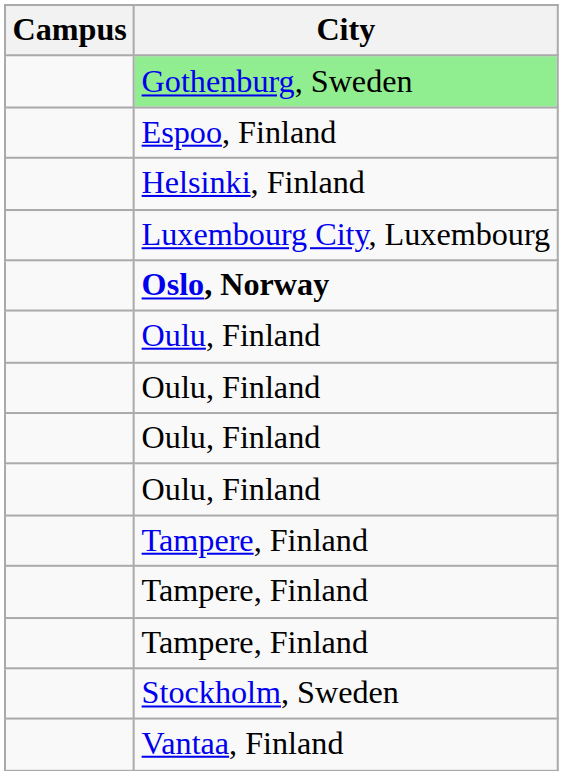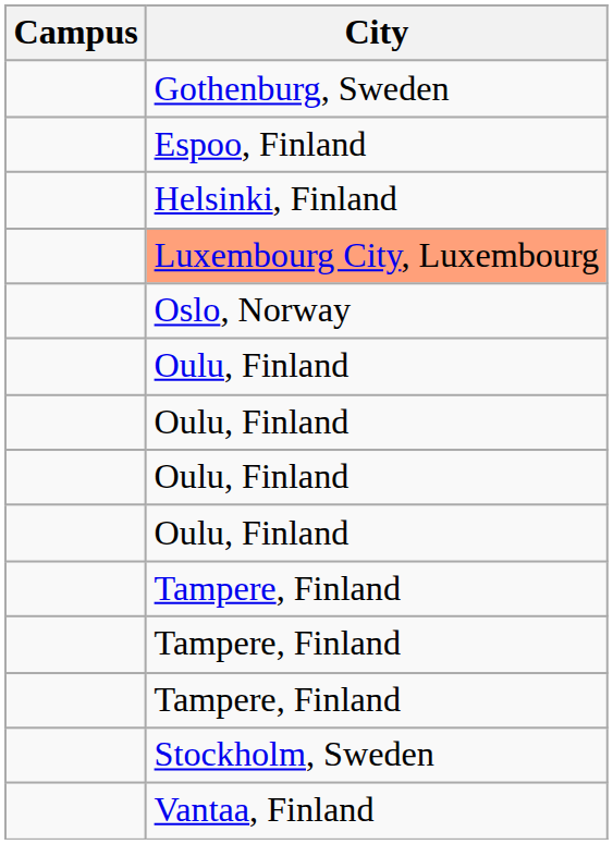 <table class="wikitable">
 <tr>
 <th>Campus</th>
 <th>City</th>
 </tr>
 <tr>
 <td></td>
-<td style="background: lightgreen;"><a href='#'>Gothenburg</a>, Sweden</td>
+<td><a href='#'>Gothenburg</a>, Sweden</td>
 </tr>
 <tr>
 <td></td>
 <td><a href='#'>Espoo</a>, Finland</td>
 </tr>
 <tr>
 <td></td>
 <td><a href='#'>Helsinki</a>, Finland</td>
 </tr>
 <tr>
 <td></td>
-<td><a href='#'>Luxembourg City</a>, Luxembourg</td>
+<td style="background: lightsalmon;"><a href='#'>Luxembourg City</a>, Luxembourg</td>
 </tr>
 <tr>
 <td></td>
-<td><strong><a href='#'>Oslo</a>, Norway</strong></td>
+<td><a href='#'>Oslo</a>, Norway</td>
 </tr>
 <tr>
 <td></td>
 <td><a href='#'>Oulu</a>, Finland</td>
 </tr>
 <tr>
 <td></td>
 <td>Oulu, Finland</td>
 </tr>
 <tr>
 <td></td>
 <td>Oulu, Finland</td>
 </tr>
 <tr>
 <td></td>
 <td>Oulu, Finland</td>
 </tr>
 <tr>
 <td></td>
 <td><a href='#'>Tampere</a>, Finland</td>
 </tr>
 <tr>
 <td></td>
 <td>Tampere, Finland</td>
 </tr>
 <tr>
 <td></td>
 <td>Tampere, Finland</td>
 </tr>
 <tr>
 <td></td>
 <td><a href='#'>Stockholm</a>, Sweden</td>
 </tr>
 <tr>
 <td></td>
 <td><a href='#'>Vantaa</a>, Finland</td>
 </tr>
 </table>
